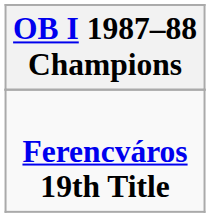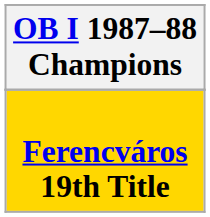 <table class="wikitable" style="text-align: center; margin: 0 auto;">
 <tr>
 <th><a href='#'>OB I</a> 1987–88<br>Champions</th>
 </tr>
 <tr>
 </tr>
 <tr>
-<td> <br><strong><a href='#'>Ferencváros</a></strong><br><strong>19th Title</strong></td>
+<td style="background: gold;"> <br><strong><a href='#'>Ferencváros</a></strong><br><strong>19th Title</strong></td>
 </tr>
 </table>
